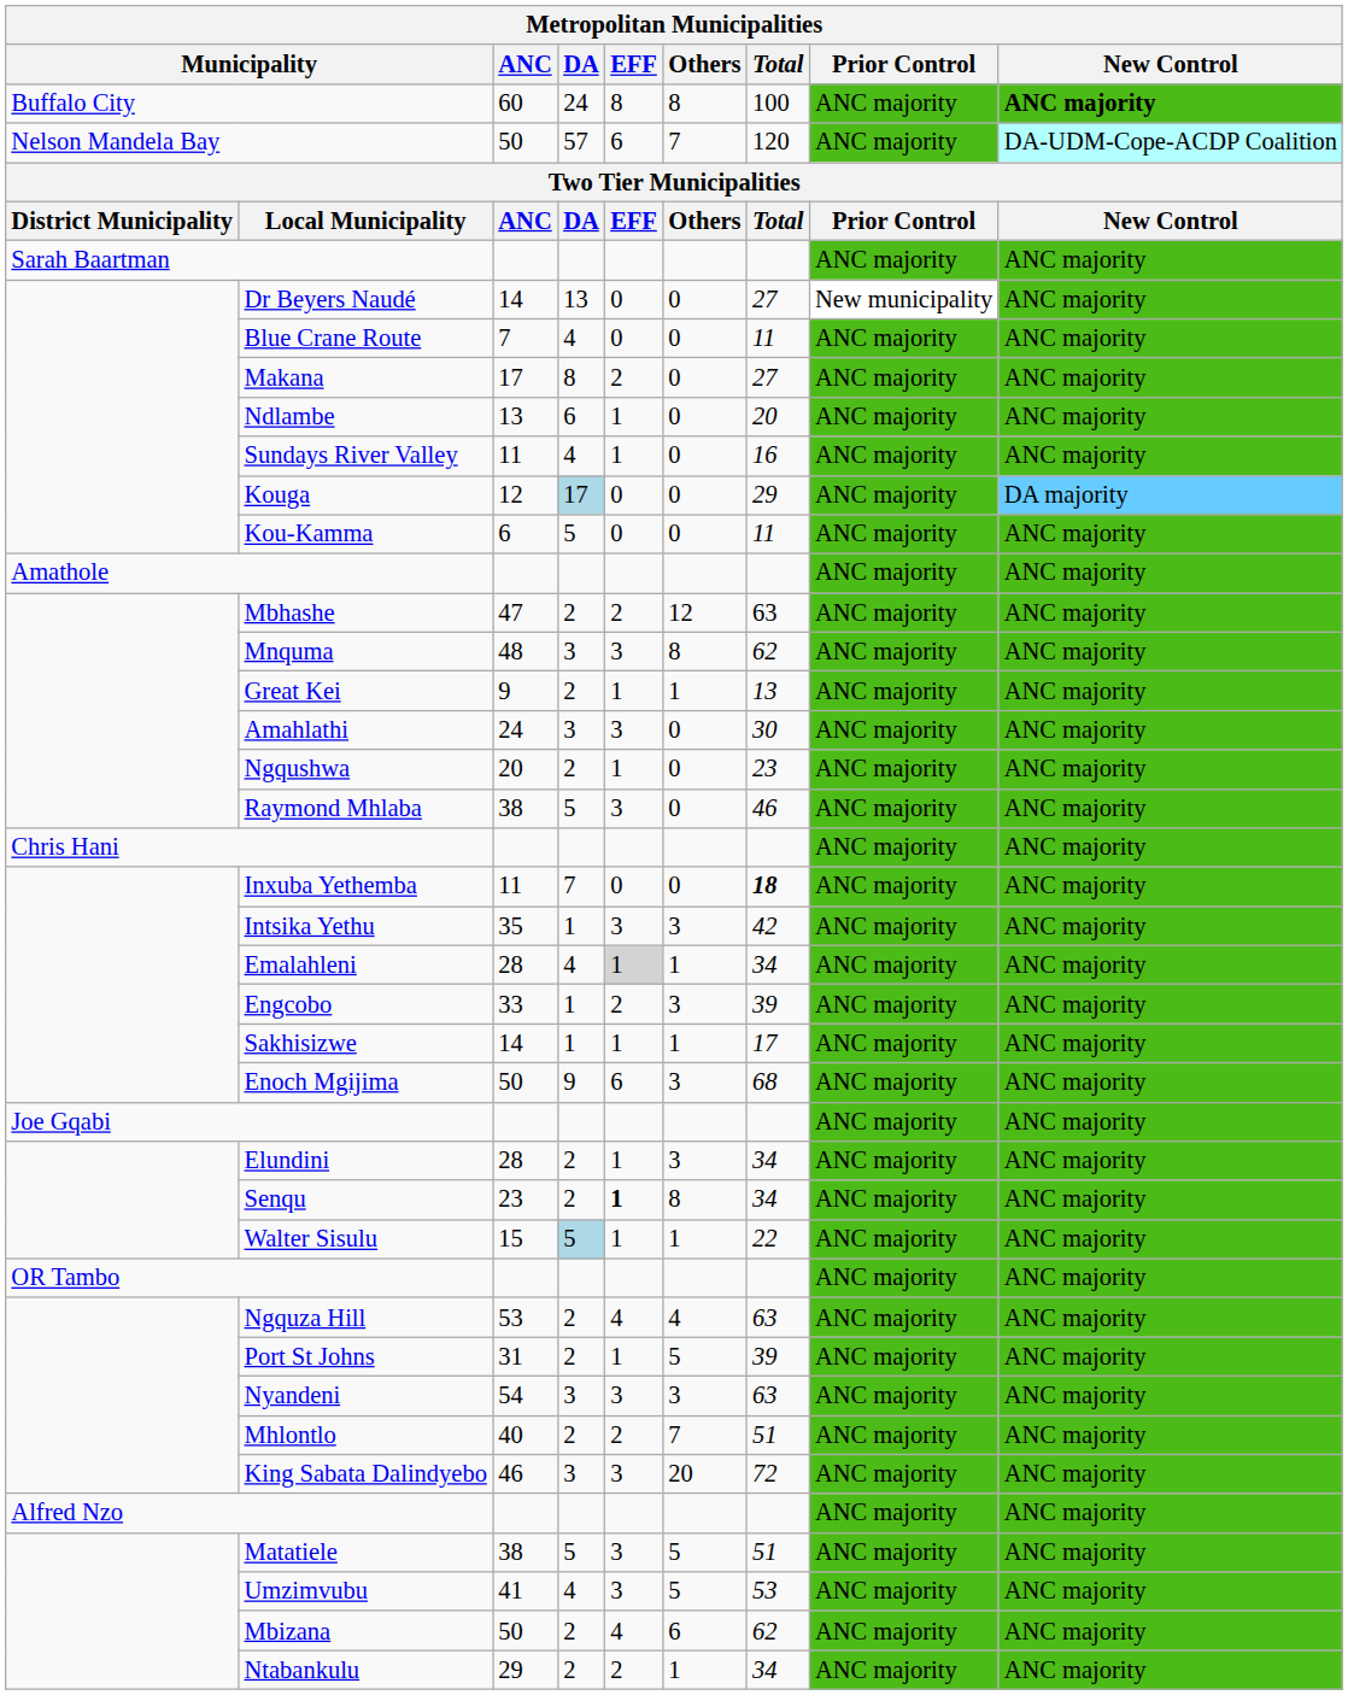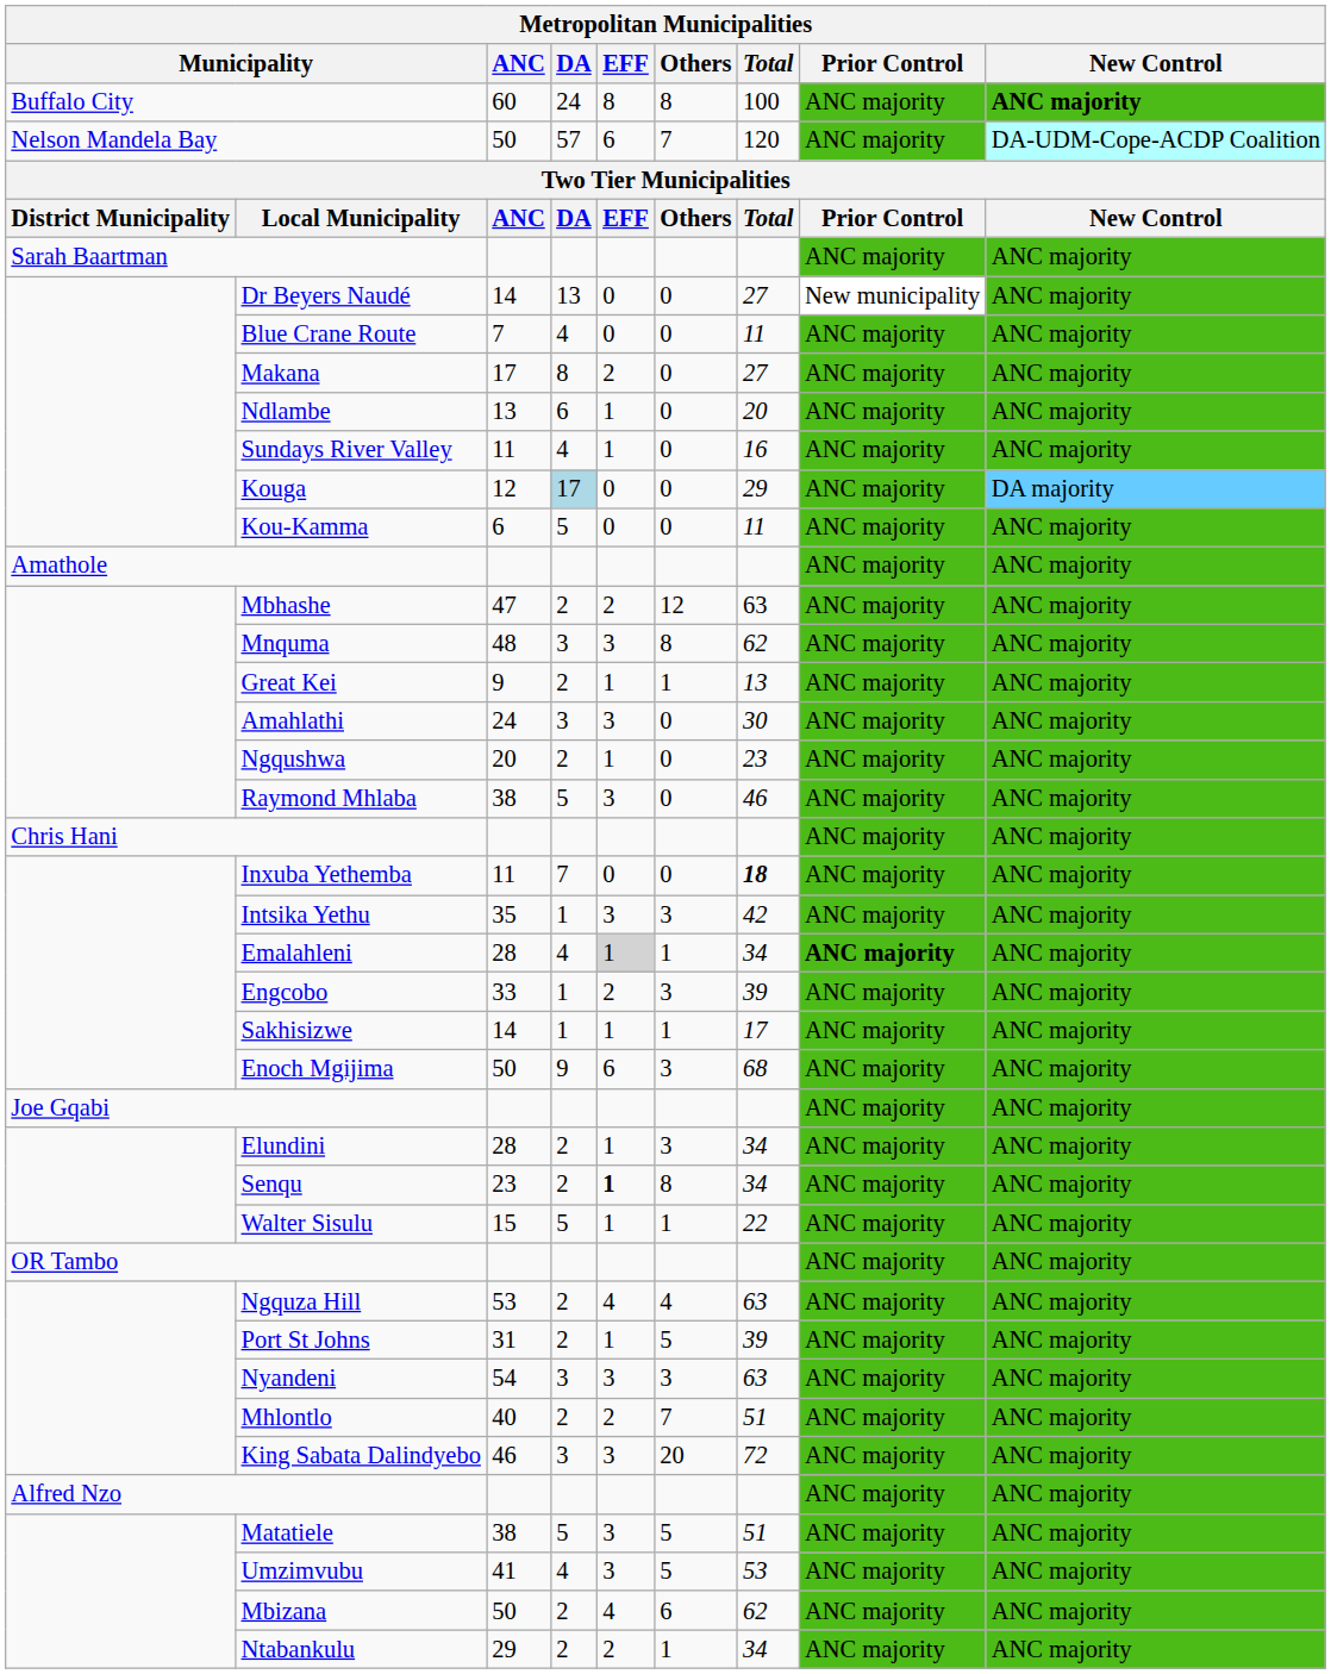 <table class="wikitable">
 <tr>
 <th colspan="9">Metropolitan Municipalities</th>
 </tr>
 <tr>
 <th colspan="2">Municipality</th>
 <th><a href='#'>ANC</a></th>
 <th><a href='#'>DA</a></th>
 <th><a href='#'>EFF</a></th>
 <th>Others</th>
 <th><em>Total</em></th>
 <th>Prior Control</th>
 <th>New Control</th>
 </tr>
 <tr>
 <td colspan="2"><a href='#'>Buffalo City</a></td>
 <td>60</td>
 <td>24</td>
 <td>8</td>
 <td>8</td>
 <td>100</td>
 <td style="background:#4CBB17;">ANC majority</td>
 <td style="background:#4CBB17;"><strong>ANC majority</strong></td>
 </tr>
 <tr>
 <td colspan="2"><a href='#'>Nelson Mandela Bay</a></td>
 <td>50</td>
 <td>57</td>
 <td>6</td>
 <td>7</td>
 <td>120</td>
 <td style="background:#4CBB17;">ANC majority</td>
 <td style="background:#B2FFFF;">DA-UDM-Cope-ACDP Coalition</td>
 </tr>
 <tr>
 <th colspan="9">Two Tier Municipalities</th>
 </tr>
 <tr>
 <th>District Municipality</th>
 <th>Local Municipality</th>
 <th><a href='#'>ANC</a></th>
 <th><a href='#'>DA</a></th>
 <th><a href='#'>EFF</a></th>
 <th>Others</th>
 <th><em>Total</em></th>
 <th>Prior Control</th>
 <th>New Control</th>
 </tr>
 <tr>
 <td colspan="2"><a href='#'>Sarah Baartman</a></td>
 <td></td>
 <td></td>
 <td></td>
 <td></td>
 <td></td>
 <td style="background:#4CBB17;">ANC majority</td>
 <td style="background:#4CBB17;">ANC majority</td>
 </tr>
 <tr>
 <td rowspan="7"></td>
 <td><a href='#'>Dr Beyers Naudé</a></td>
 <td>14</td>
 <td>13</td>
 <td>0</td>
 <td>0</td>
 <td><em>27</em></td>
 <td style="background:white">New municipality</td>
 <td style="background:#4CBB17;">ANC majority</td>
 </tr>
 <tr>
 <td><a href='#'>Blue Crane Route</a></td>
 <td>7</td>
 <td>4</td>
 <td>0</td>
 <td>0</td>
 <td><em>11</em></td>
 <td style="background:#4CBB17;">ANC majority</td>
 <td style="background:#4CBB17;">ANC majority</td>
 </tr>
 <tr>
 <td><a href='#'>Makana</a></td>
 <td>17</td>
 <td>8</td>
 <td>2</td>
 <td>0</td>
 <td><em>27</em></td>
 <td style="background:#4CBB17;">ANC majority</td>
 <td style="background:#4CBB17;">ANC majority</td>
 </tr>
 <tr>
 <td><a href='#'>Ndlambe</a></td>
 <td>13</td>
 <td>6</td>
 <td>1</td>
 <td>0</td>
 <td><em>20</em></td>
 <td style="background:#4CBB17;">ANC majority</td>
 <td style="background:#4CBB17;">ANC majority</td>
 </tr>
 <tr>
 <td><a href='#'>Sundays River Valley</a></td>
 <td>11</td>
 <td>4</td>
 <td>1</td>
 <td>0</td>
 <td><em>16</em></td>
 <td style="background:#4CBB17;">ANC majority</td>
 <td style="background:#4CBB17;">ANC majority</td>
 </tr>
 <tr>
 <td><a href='#'>Kouga</a></td>
 <td>12</td>
 <td style="background: lightblue;">17</td>
 <td>0</td>
 <td>0</td>
 <td><em>29</em></td>
 <td style="background:#4CBB17;">ANC majority</td>
 <td style="background:#6cf;">DA majority</td>
 </tr>
 <tr>
 <td><a href='#'>Kou-Kamma</a></td>
 <td>6</td>
 <td>5</td>
 <td>0</td>
 <td>0</td>
 <td><em>11</em></td>
 <td style="background:#4CBB17;">ANC majority</td>
 <td style="background:#4CBB17;">ANC majority</td>
 </tr>
 <tr>
 <td colspan="2"><a href='#'>Amathole</a></td>
 <td></td>
 <td></td>
 <td></td>
 <td></td>
 <td></td>
 <td style="background:#4CBB17;">ANC majority</td>
 <td style="background:#4CBB17;">ANC majority</td>
 </tr>
 <tr>
 <td rowspan="6"></td>
 <td><a href='#'>Mbhashe</a></td>
 <td>47</td>
 <td>2</td>
 <td>2</td>
 <td>12</td>
 <td>63</td>
 <td style="background:#4CBB17;">ANC majority</td>
 <td style="background:#4CBB17;">ANC majority</td>
 </tr>
 <tr>
 <td><a href='#'>Mnquma</a></td>
 <td>48</td>
 <td>3</td>
 <td>3</td>
 <td>8</td>
 <td><em>62</em></td>
 <td style="background:#4CBB17;">ANC majority</td>
 <td style="background:#4CBB17;">ANC majority</td>
 </tr>
 <tr>
 <td><a href='#'>Great Kei</a></td>
 <td>9</td>
 <td>2</td>
 <td>1</td>
 <td>1</td>
 <td><em>13</em></td>
 <td style="background:#4CBB17;">ANC majority</td>
 <td style="background:#4CBB17;">ANC majority</td>
 </tr>
 <tr>
 <td><a href='#'>Amahlathi</a></td>
 <td>24</td>
 <td>3</td>
 <td>3</td>
 <td>0</td>
 <td><em>30</em></td>
 <td style="background:#4CBB17;">ANC majority</td>
 <td style="background:#4CBB17;">ANC majority</td>
 </tr>
 <tr>
 <td><a href='#'>Ngqushwa</a></td>
 <td>20</td>
 <td>2</td>
 <td>1</td>
 <td>0</td>
 <td><em>23</em></td>
 <td style="background:#4CBB17;">ANC majority</td>
 <td style="background:#4CBB17;">ANC majority</td>
 </tr>
 <tr>
 <td><a href='#'>Raymond Mhlaba</a></td>
 <td>38</td>
 <td>5</td>
 <td>3</td>
 <td>0</td>
 <td><em>46</em></td>
 <td style="background:#4CBB17;">ANC majority</td>
 <td style="background:#4CBB17;">ANC majority</td>
 </tr>
 <tr>
 <td colspan="2"><a href='#'>Chris Hani</a></td>
 <td></td>
 <td></td>
 <td></td>
 <td></td>
 <td></td>
 <td style="background:#4CBB17;">ANC majority</td>
 <td style="background:#4CBB17;">ANC majority</td>
 </tr>
 <tr>
 <td rowspan="6"></td>
 <td><a href='#'>Inxuba Yethemba</a></td>
 <td>11</td>
 <td>7</td>
 <td>0</td>
 <td>0</td>
 <td><strong><em>18</em></strong></td>
 <td style="background:#4CBB17;">ANC majority</td>
 <td style="background:#4CBB17;">ANC majority</td>
 </tr>
 <tr>
 <td><a href='#'>Intsika Yethu</a></td>
 <td>35</td>
 <td>1</td>
 <td>3</td>
 <td>3</td>
 <td><em>42</em></td>
 <td style="background:#4CBB17;">ANC majority</td>
 <td style="background:#4CBB17;">ANC majority</td>
 </tr>
 <tr>
 <td><a href='#'>Emalahleni</a></td>
 <td>28</td>
 <td>4</td>
 <td style="background: lightgrey;">1</td>
 <td>1</td>
 <td><em>34</em></td>
-<td style="background:#4CBB17;">ANC majority</td>
+<td style="background:#4CBB17;"><strong>ANC majority</strong></td>
 <td style="background:#4CBB17;">ANC majority</td>
 </tr>
 <tr>
 <td><a href='#'>Engcobo</a></td>
 <td>33</td>
 <td>1</td>
 <td>2</td>
 <td>3</td>
 <td><em>39</em></td>
 <td style="background:#4CBB17;">ANC majority</td>
 <td style="background:#4CBB17;">ANC majority</td>
 </tr>
 <tr>
 <td><a href='#'>Sakhisizwe</a></td>
 <td>14</td>
 <td>1</td>
 <td>1</td>
 <td>1</td>
 <td><em>17</em></td>
 <td style="background:#4CBB17;">ANC majority</td>
 <td style="background:#4CBB17;">ANC majority</td>
 </tr>
 <tr>
 <td><a href='#'>Enoch Mgijima</a></td>
 <td>50</td>
 <td>9</td>
 <td>6</td>
 <td>3</td>
 <td><em>68</em></td>
 <td style="background:#4CBB17;">ANC majority</td>
 <td style="background:#4CBB17;">ANC majority</td>
 </tr>
 <tr>
 <td colspan="2"><a href='#'>Joe Gqabi</a></td>
 <td></td>
 <td></td>
 <td></td>
 <td></td>
 <td></td>
 <td style="background:#4CBB17;">ANC majority</td>
 <td style="background:#4CBB17;">ANC majority</td>
 </tr>
 <tr>
 <td rowspan="3"></td>
 <td><a href='#'>Elundini</a></td>
 <td>28</td>
 <td>2</td>
 <td>1</td>
 <td>3</td>
 <td><em>34</em></td>
 <td style="background:#4CBB17;">ANC majority</td>
 <td style="background:#4CBB17;">ANC majority</td>
 </tr>
 <tr>
 <td><a href='#'>Senqu</a></td>
 <td>23</td>
 <td>2</td>
 <td><strong>1</strong></td>
 <td>8</td>
 <td><em>34</em></td>
 <td style="background:#4CBB17;">ANC majority</td>
 <td style="background:#4CBB17;">ANC majority</td>
 </tr>
 <tr>
 <td><a href='#'>Walter Sisulu</a></td>
 <td>15</td>
-<td style="background: lightblue;">5</td>
+<td>5</td>
 <td>1</td>
 <td>1</td>
 <td><em>22</em></td>
 <td style="background:#4CBB17;">ANC majority</td>
 <td style="background:#4CBB17;">ANC majority</td>
 </tr>
 <tr>
 <td colspan="2"><a href='#'>OR Tambo</a></td>
 <td></td>
 <td></td>
 <td></td>
 <td></td>
 <td></td>
 <td style="background:#4CBB17;">ANC majority</td>
 <td style="background:#4CBB17;">ANC majority</td>
 </tr>
 <tr>
 <td rowspan="5"></td>
 <td><a href='#'>Ngquza Hill</a></td>
 <td>53</td>
 <td>2</td>
 <td>4</td>
 <td>4</td>
 <td><em>63</em></td>
 <td style="background:#4CBB17;">ANC majority</td>
 <td style="background:#4CBB17;">ANC majority</td>
 </tr>
 <tr>
 <td><a href='#'>Port St Johns</a></td>
 <td>31</td>
 <td>2</td>
 <td>1</td>
 <td>5</td>
 <td><em>39</em></td>
 <td style="background:#4CBB17;">ANC majority</td>
 <td style="background:#4CBB17;">ANC majority</td>
 </tr>
 <tr>
 <td><a href='#'>Nyandeni</a></td>
 <td>54</td>
 <td>3</td>
 <td>3</td>
 <td>3</td>
 <td><em>63</em></td>
 <td style="background:#4CBB17;">ANC majority</td>
 <td style="background:#4CBB17;">ANC majority</td>
 </tr>
 <tr>
 <td><a href='#'>Mhlontlo</a></td>
 <td>40</td>
 <td>2</td>
 <td>2</td>
 <td>7</td>
 <td><em>51</em></td>
 <td style="background:#4CBB17;">ANC majority</td>
 <td style="background:#4CBB17;">ANC majority</td>
 </tr>
 <tr>
 <td><a href='#'>King Sabata Dalindyebo</a></td>
 <td>46</td>
 <td>3</td>
 <td>3</td>
 <td>20</td>
 <td><em>72</em></td>
 <td style="background:#4CBB17;">ANC majority</td>
 <td style="background:#4CBB17;">ANC majority</td>
 </tr>
 <tr>
 <td colspan="2"><a href='#'>Alfred Nzo</a></td>
 <td></td>
 <td></td>
 <td></td>
 <td></td>
 <td></td>
 <td style="background:#4CBB17;">ANC majority</td>
 <td style="background:#4CBB17;">ANC majority</td>
 </tr>
 <tr>
 <td rowspan="4"></td>
 <td><a href='#'>Matatiele</a></td>
 <td>38</td>
 <td>5</td>
 <td>3</td>
 <td>5</td>
 <td><em>51</em></td>
 <td style="background:#4CBB17;">ANC majority</td>
 <td style="background:#4CBB17;">ANC majority</td>
 </tr>
 <tr>
 <td><a href='#'>Umzimvubu</a></td>
 <td>41</td>
 <td>4</td>
 <td>3</td>
 <td>5</td>
 <td><em>53</em></td>
 <td style="background:#4CBB17;">ANC majority</td>
 <td style="background:#4CBB17;">ANC majority</td>
 </tr>
 <tr>
 <td><a href='#'>Mbizana</a></td>
 <td>50</td>
 <td>2</td>
 <td>4</td>
 <td>6</td>
 <td><em>62</em></td>
 <td style="background:#4CBB17;">ANC majority</td>
 <td style="background:#4CBB17;">ANC majority</td>
 </tr>
 <tr>
 <td><a href='#'>Ntabankulu</a></td>
 <td>29</td>
 <td>2</td>
 <td>2</td>
 <td>1</td>
 <td><em>34</em></td>
 <td style="background:#4CBB17;">ANC majority</td>
 <td style="background:#4CBB17;">ANC majority</td>
 </tr>
 </table>
